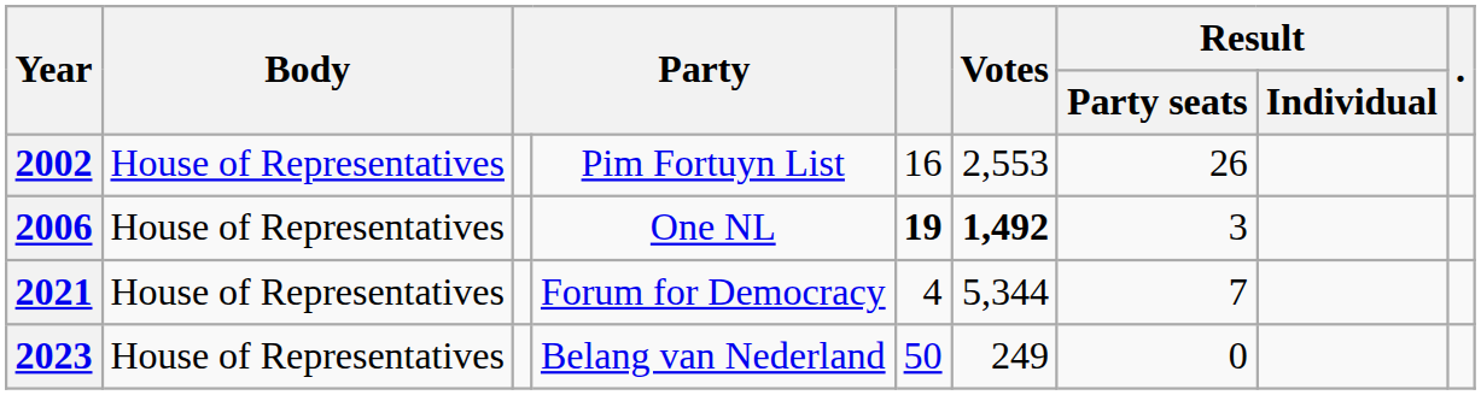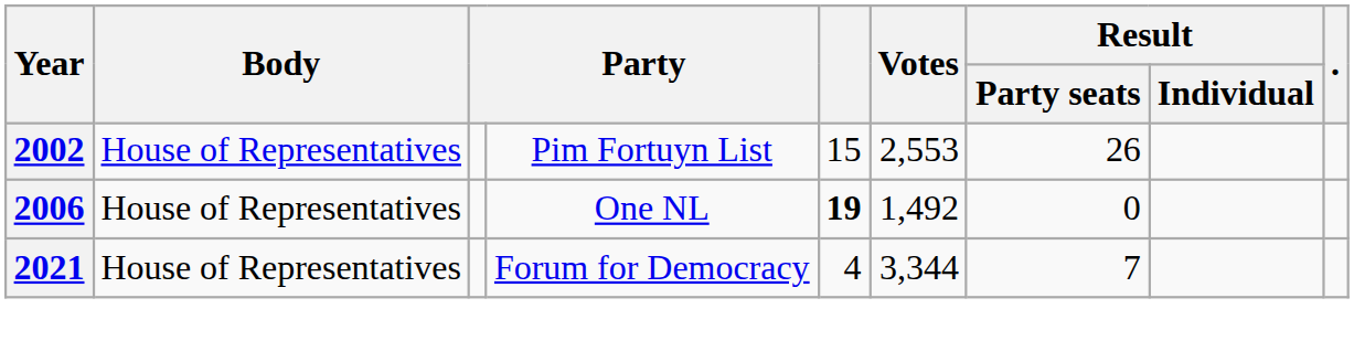 <table class="wikitable plainrowheaders sortable" border=2 cellpadding=4 cellspacing=0 style="border: 1px #aaa solid; font-size: 90%; text-align:center;">
 <tr>
 <th scope="col" rowspan=2>Year</th>
 <th scope="col" rowspan=2>Body</th>
 <th scope="col" colspan=2 rowspan=2>Party</th>
 <th scope="col" rowspan=2></th>
 <th scope="col" rowspan=2>Votes</th>
 <th scope="colgroup" colspan=2>Result</th>
 <th scope="col" rowspan=2 class="unsortable">.</th>
 </tr>
 <tr>
 <th scope="col">Party seats</th>
 <th scope="col">Individual</th>
 </tr>
 <tr>
 <th scope="row"><a href='#'>2002</a></th>
 <td><a href='#'>House of Representatives</a></td>
 <td style="background-color:"></td>
 <td><a href='#'>Pim Fortuyn List</a></td>
-<td style=text-align:right>16</td>
+<td style=text-align:right>15</td>
 <td style=text-align:right>2,553</td>
 <td style=text-align:right>26</td>
 <td></td>
 <td></td>
 </tr>
 <tr>
 <th scope="row"><a href='#'>2006</a></th>
 <td>House of Representatives</td>
 <td style="background-color:"></td>
 <td><a href='#'>One NL</a></td>
 <td style=text-align:right><strong>19</strong></td>
-<td style=text-align:right><strong>1,492</strong></td>
-<td style=text-align:right>3</td>
+<td style=text-align:right>1,492</td>
+<td style=text-align:right>0</td>
 <td></td>
 <td></td>
 </tr>
 <tr>
 <th scope="row"><a href='#'>2021</a></th>
 <td>House of Representatives</td>
 <td style="background-color:"></td>
 <td><a href='#'>Forum for Democracy</a></td>
 <td style=text-align:right>4</td>
-<td style=text-align:right>5,344</td>
+<td style=text-align:right>3,344</td>
 <td style=text-align:right>7</td>
 <td></td>
 <td></td>
 </tr>
-<tr>
-<th scope="row"><a href='#'>2023</a></th>
-<td>House of Representatives</td>
-<td style="background-color:"></td>
-<td><a href='#'>Belang van Nederland</a></td>
-<td style=text-align:right><a href='#'>50</a></td>
-<td style=text-align:right>249</td>
-<td style=text-align:right>0</td>
-<td></td>
-<td></td>
-</tr>
 </table>
